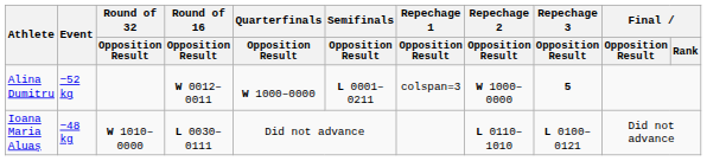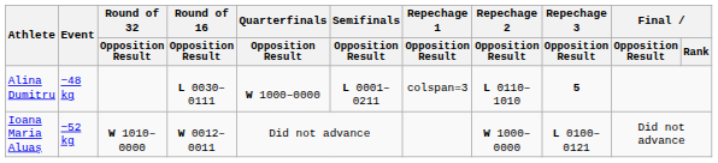 <table class="wikitable" style="font-size:90%">
 <tr>
 <th rowspan="2">Athlete</th>
 <th rowspan="2">Event</th>
 <th>Round of 32</th>
 <th>Round of 16</th>
 <th>Quarterfinals</th>
 <th>Semifinals</th>
 <th>Repechage 1</th>
 <th>Repechage 2</th>
 <th>Repechage 3</th>
 <th colspan=2>Final / </th>
 </tr>
 <tr style="font-size:95%">
 <th>Opposition<br>Result</th>
 <th>Opposition<br>Result</th>
 <th>Opposition<br>Result</th>
 <th>Opposition<br>Result</th>
 <th>Opposition<br>Result</th>
 <th>Opposition<br>Result</th>
 <th>Opposition<br>Result</th>
 <th>Opposition<br>Result</th>
 <th>Rank</th>
 </tr>
 <tr align=center>
 <td align=left><a href='#'>Alina Dumitru</a></td>
-<td align=left><a href='#'>−52 kg</a></td>
+<td align=left><a href='#'>−48 kg</a></td>
 <td></td>
-<td><br><strong>W</strong> 0012–0011</td>
+<td><br><strong>L</strong> 0030–0111</td>
 <td><br><strong>W</strong> 1000–0000</td>
 <td><br><strong>L</strong> 0001–0211</td>
 <td>colspan=3 </td>
-<td><br><strong>W</strong> 1000–0000</td>
+<td><br><strong>L</strong> 0110–1010</td>
 <td><strong>5</strong></td>
 </tr>
 <tr align=center>
 <td align=left><a href='#'>Ioana Maria Aluaş</a></td>
-<td align=left><a href='#'>−48 kg</a></td>
+<td align=left><a href='#'>−52 kg</a></td>
 <td><br><strong>W</strong> 1010–0000</td>
-<td><br><strong>L</strong> 0030–0111</td>
+<td><br><strong>W</strong> 0012–0011</td>
 <td colspan=2>Did not advance</td>
 <td></td>
-<td><br><strong>L</strong> 0110–1010</td>
+<td><br><strong>W</strong> 1000–0000</td>
 <td><br><strong>L</strong> 0100–0121</td>
 <td colspan=2>Did not advance</td>
 </tr>
 </table>
